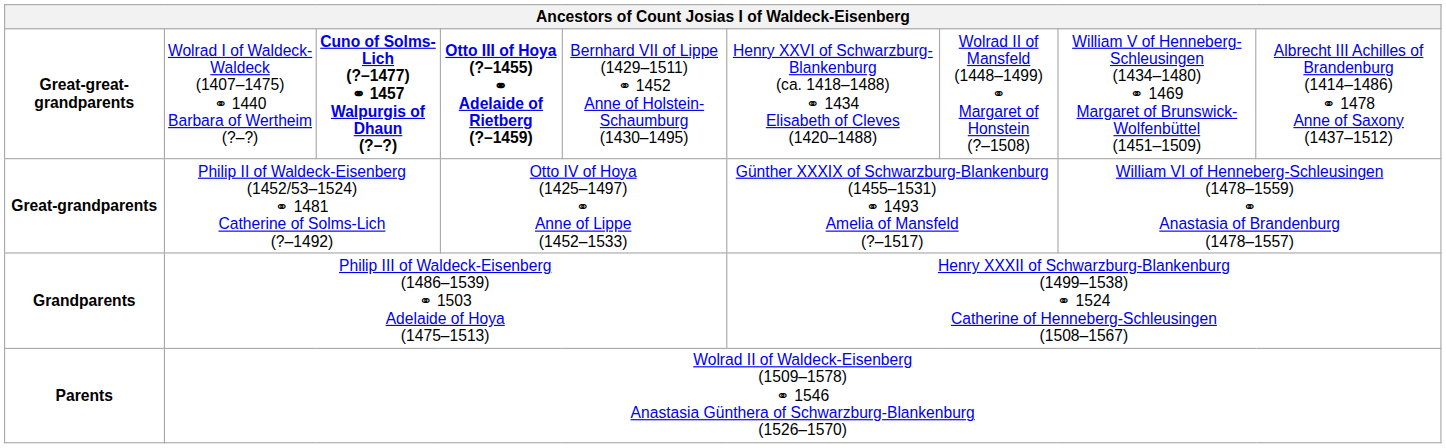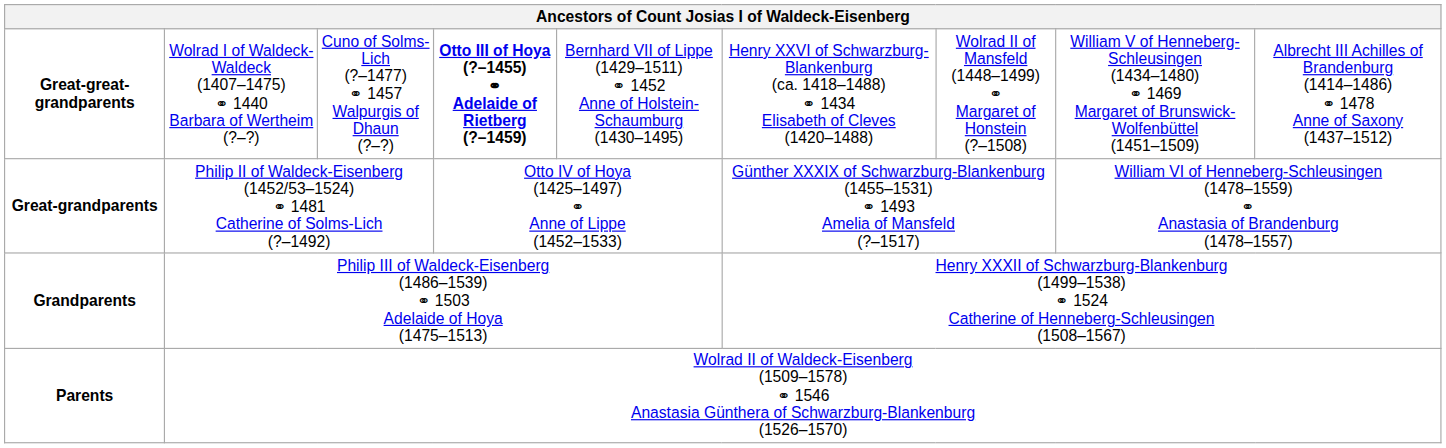 <table class="wikitable" style="background:#FFFFFF; font-size:85%; text-align:center">
 <tr bgcolor="#E0E0E0">
 <th colspan="9">Ancestors of Count Josias I of Waldeck-Eisenberg</th>
 </tr>
 <tr>
 <td><strong>Great-great-grandparents</strong></td>
 <td colspan="1"><a href='#'>Wolrad I of Waldeck-Waldeck</a><br>(1407–1475)<br>⚭ 1440<br><a href='#'>Barbara of Wertheim</a><br>(?–?)</td>
-<td colspan="1"><strong><a href='#'>Cuno of Solms-Lich</a><br>(?–1477)<br>⚭ 1457<br><a href='#'>Walpurgis of Dhaun</a><br>(?–?)</strong></td>
+<td colspan="1"><a href='#'>Cuno of Solms-Lich</a><br>(?–1477)<br>⚭ 1457<br><a href='#'>Walpurgis of Dhaun</a><br>(?–?)</td>
 <td colspan="1"><strong><a href='#'>Otto III of Hoya</a><br>(?–1455)<br>⚭<br><a href='#'>Adelaide of Rietberg</a><br>(?–1459)</strong></td>
 <td colspan="1"><a href='#'>Bernhard VII of Lippe</a><br>(1429–1511)<br>⚭ 1452<br><a href='#'>Anne of Holstein-Schaumburg</a><br>(1430–1495)</td>
 <td colspan="1"><a href='#'>Henry XXVI of Schwarzburg-Blankenburg</a><br>(ca. 1418–1488)<br>⚭ 1434<br><a href='#'>Elisabeth of Cleves</a><br>(1420–1488)</td>
 <td colspan="1"><a href='#'>Wolrad II of Mansfeld</a><br>(1448–1499)<br>⚭<br><a href='#'>Margaret of Honstein</a><br>(?–1508)</td>
 <td colspan="1"><a href='#'>William V of Henneberg-Schleusingen</a><br>(1434–1480)<br>⚭ 1469<br><a href='#'>Margaret of Brunswick-Wolfenbüttel</a><br>(1451–1509)</td>
 <td colspan="1"><a href='#'>Albrecht III Achilles of Brandenburg</a><br>(1414–1486)<br>⚭ 1478<br><a href='#'>Anne of Saxony</a><br>(1437–1512)</td>
 </tr>
 <tr>
 <td><strong>Great-grandparents</strong></td>
 <td colspan="2"><a href='#'>Philip II of Waldeck-Eisenberg</a><br>(1452/53–1524)<br>⚭ 1481<br><a href='#'>Catherine of Solms-Lich</a><br>(?–1492)</td>
 <td colspan="2"><a href='#'>Otto IV of Hoya</a><br>(1425–1497)<br>⚭<br><a href='#'>Anne of Lippe</a><br>(1452–1533)</td>
 <td colspan="2"><a href='#'>Günther XXXIX of Schwarzburg-Blankenburg</a><br>(1455–1531)<br>⚭ 1493<br><a href='#'>Amelia of Mansfeld</a><br>(?–1517)</td>
 <td colspan="2"><a href='#'>William VI of Henneberg-Schleusingen</a><br>(1478–1559)<br>⚭<br><a href='#'>Anastasia of Brandenburg</a><br>(1478–1557)</td>
 </tr>
 <tr>
 <td><strong>Grandparents</strong></td>
 <td colspan="4"><a href='#'>Philip III of Waldeck-Eisenberg</a><br>(1486–1539)<br>⚭ 1503<br><a href='#'>Adelaide of Hoya</a><br>(1475–1513)</td>
 <td colspan="4"><a href='#'>Henry XXXII of Schwarzburg-Blankenburg</a><br>(1499–1538)<br>⚭ 1524<br><a href='#'>Catherine of Henneberg-Schleusingen</a><br>(1508–1567)</td>
 </tr>
 <tr>
 <td><strong>Parents</strong></td>
 <td colspan="8"><a href='#'>Wolrad II of Waldeck-Eisenberg</a><br>(1509–1578)<br>⚭ 1546<br><a href='#'>Anastasia Günthera of Schwarzburg-Blankenburg</a><br>(1526–1570)</td>
 </tr>
 </table>
